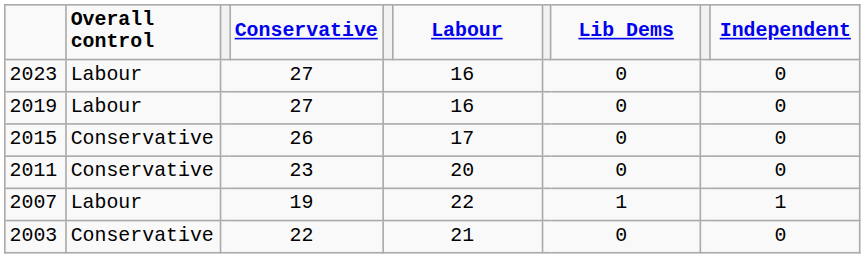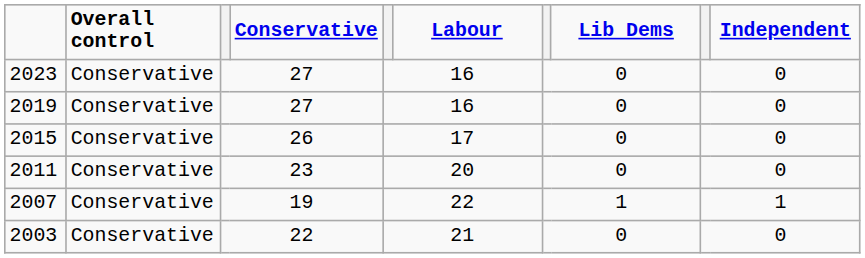 <table class="wikitable" style="text-align:left; padding-left:1em; font-size: 95%">
 <tr>
 <td width=32></td>
 <td width=90><strong>Overall control</strong></td>
 <th style="background-color: "></th>
 <td width=87 align="center"><strong><a href='#'>Conservative</a></strong></td>
 <th style="background-color: "></th>
 <td width=87 align="center"><strong><a href='#'>Labour</a></strong></td>
 <th style="background-color: "></th>
 <td width=87 align="center"><strong><a href='#'>Lib Dems</a></strong></td>
 <th style="background-color: "></th>
 <td width=87 align="center"><strong><a href='#'>Independent</a></strong></td>
 </tr>
 <tr>
 <td>2023</td>
-<td style="background:">Labour</td>
+<td style="background:">Conservative</td>
 <td colspan=2 align="center">27</td>
 <td colspan=2 align="center">16</td>
 <td colspan=2 align="center">0</td>
 <td colspan=2 align="center">0</td>
 </tr>
 <tr>
 <td>2019</td>
-<td style="background:">Labour</td>
+<td style="background:">Conservative</td>
 <td colspan=2 align="center">27</td>
 <td colspan=2 align="center">16</td>
 <td colspan=2 align="center">0</td>
 <td colspan=2 align="center">0</td>
 </tr>
 <tr>
 <td>2015</td>
 <td style="background:">Conservative</td>
 <td colspan=2 align="center">26</td>
 <td colspan=2 align="center">17</td>
 <td colspan=2 align="center">0</td>
 <td colspan=2 align="center">0</td>
 </tr>
 <tr>
 <td>2011</td>
 <td style="background:">Conservative</td>
 <td colspan=2 align="center">23</td>
 <td colspan=2 align="center">20</td>
 <td colspan=2 align="center">0</td>
 <td colspan=2 align="center">0</td>
 </tr>
 <tr>
 <td>2007</td>
-<td style="background:">Labour</td>
+<td style="background:">Conservative</td>
 <td colspan=2 align="center">19</td>
 <td colspan=2 align="center">22</td>
 <td colspan=2 align="center">1</td>
 <td colspan=2 align="center">1</td>
 </tr>
 <tr>
 <td>2003</td>
 <td style="background:">Conservative</td>
 <td colspan=2 align="center">22</td>
 <td colspan=2 align="center">21</td>
 <td colspan=2 align="center">0</td>
 <td colspan=2 align="center">0</td>
 </tr>
 </table>
